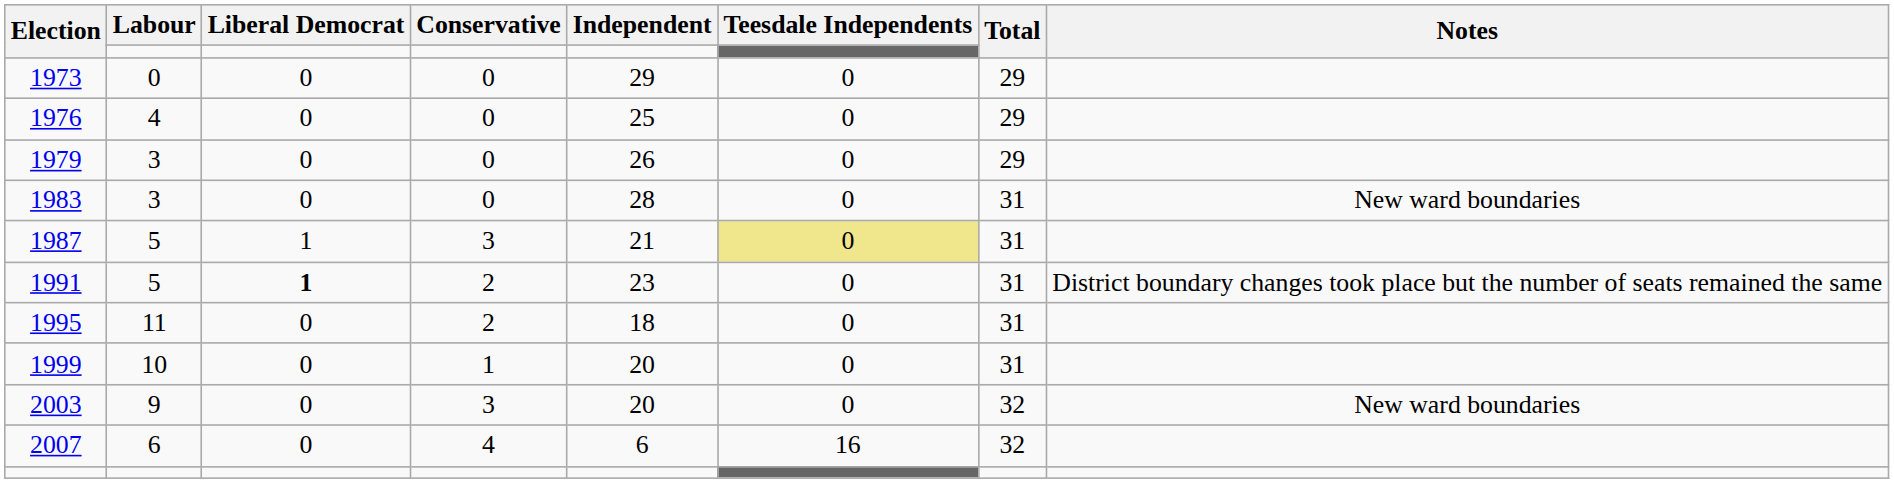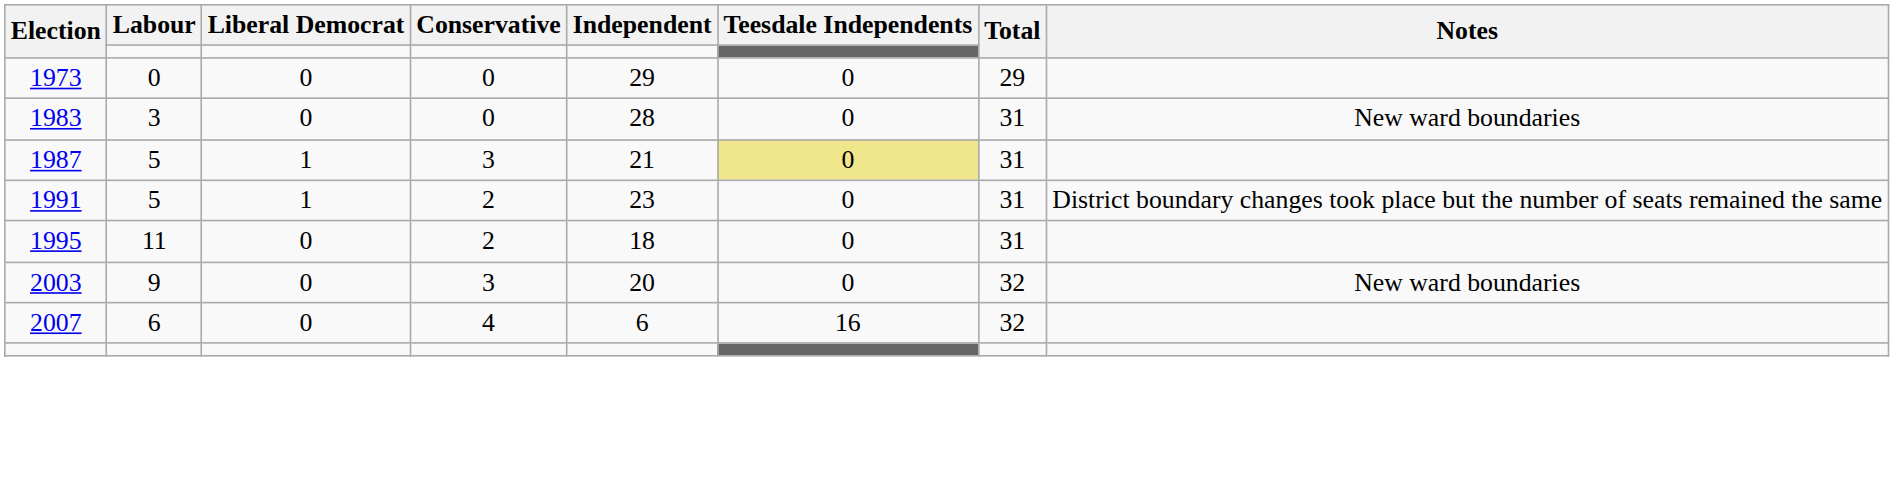 <table class="wikitable" style="text-align: center">
 <tr>
 <th rowspan="2">Election</th>
 <th>Labour</th>
 <th>Liberal Democrat</th>
 <th>Conservative</th>
 <th>Independent</th>
 <th>Teesdale Independents</th>
 <th rowspan="2">Total</th>
 <th rowspan="2">Notes</th>
 </tr>
 <tr>
 <td style="background-color: "></td>
 <td style="background-color: "></td>
 <td style="background-color: "></td>
 <td style="background-color: "></td>
 <td style="background-color: #666666"></td>
 </tr>
 <tr>
 <td><a href='#'>1973</a></td>
 <td>0</td>
 <td>0</td>
 <td>0</td>
 <td>29</td>
 <td>0</td>
 <td>29</td>
 <td></td>
 </tr>
 <tr>
-<td><a href='#'>1976</a></td>
-<td>4</td>
-<td>0</td>
-<td>0</td>
-<td>25</td>
-<td>0</td>
-<td>29</td>
-<td></td>
-</tr>
-<tr>
-<td><a href='#'>1979</a></td>
-<td>3</td>
-<td>0</td>
-<td>0</td>
-<td>26</td>
-<td>0</td>
-<td>29</td>
-<td></td>
-</tr>
-<tr>
 <td><a href='#'>1983</a></td>
 <td>3</td>
 <td>0</td>
 <td>0</td>
 <td>28</td>
 <td>0</td>
 <td>31</td>
 <td>New ward boundaries</td>
 </tr>
 <tr>
 <td><a href='#'>1987</a></td>
 <td>5</td>
 <td>1</td>
 <td>3</td>
 <td>21</td>
 <td style="background: khaki;">0</td>
 <td>31</td>
 <td></td>
 </tr>
 <tr>
 <td><a href='#'>1991</a></td>
 <td>5</td>
-<td><strong>1</strong></td>
+<td>1</td>
 <td>2</td>
 <td>23</td>
 <td>0</td>
 <td>31</td>
 <td>District boundary changes took place but the number of seats remained the same</td>
 </tr>
 <tr>
 <td><a href='#'>1995</a></td>
 <td>11</td>
 <td>0</td>
 <td>2</td>
 <td>18</td>
-<td>0</td>
-<td>31</td>
-<td></td>
-</tr>
-<tr>
-<td><a href='#'>1999</a></td>
-<td>10</td>
-<td>0</td>
-<td>1</td>
-<td>20</td>
 <td>0</td>
 <td>31</td>
 <td></td>
 </tr>
 <tr>
 <td><a href='#'>2003</a></td>
 <td>9</td>
 <td>0</td>
 <td>3</td>
 <td>20</td>
 <td>0</td>
 <td>32</td>
 <td>New ward boundaries</td>
 </tr>
 <tr>
 <td><a href='#'>2007</a></td>
 <td>6</td>
 <td>0</td>
 <td>4</td>
 <td>6</td>
 <td>16</td>
 <td>32</td>
 <td></td>
 </tr>
 <tr>
 <td></td>
 <td style="background-color: "></td>
 <td style="background-color: "></td>
 <td style="background-color: "></td>
 <td style="background-color: "></td>
 <td style="background-color: #666666"></td>
 <td></td>
 <td></td>
 </tr>
 </table>
